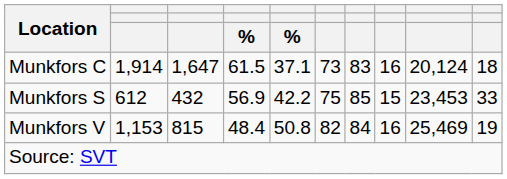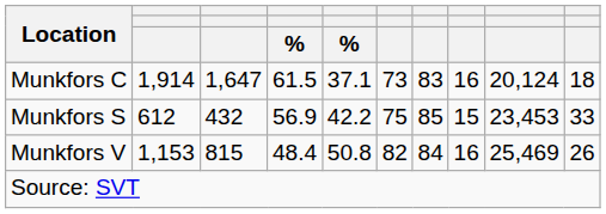 <table role="presentation" class="wikitable sortable mw-collapsible">
 <tr>
 <th rowspan="3">Location</th>
 <th></th>
 <th></th>
 <th></th>
 <th></th>
 <th></th>
 <th></th>
 <th></th>
 <th></th>
 <th></th>
 </tr>
 <tr>
 <th></th>
 <th></th>
 <th style="background:"></th>
 <th style="background:"></th>
 <th></th>
 <th></th>
 <th></th>
 <th></th>
 <th></th>
 </tr>
 <tr>
 <th data-sort-type="number"></th>
 <th data-sort-type="number"></th>
 <th data-sort-type="number">%</th>
 <th data-sort-type="number">%</th>
 <th data-sort-type="number"></th>
 <th data-sort-type="number"></th>
 <th data-sort-type="number"></th>
 <th data-sort-type="number"></th>
 <th data-sort-type="number"></th>
 </tr>
 <tr>
 <td align="left">Munkfors C</td>
 <td>1,914</td>
 <td>1,647</td>
 <td>61.5</td>
 <td>37.1</td>
 <td>73</td>
 <td>83</td>
 <td>16</td>
 <td>20,124</td>
 <td>18</td>
 </tr>
 <tr>
 <td align="left">Munkfors S</td>
 <td>612</td>
 <td>432</td>
 <td>56.9</td>
 <td>42.2</td>
 <td>75</td>
 <td>85</td>
 <td>15</td>
 <td>23,453</td>
 <td>33</td>
 </tr>
 <tr>
 <td align="left">Munkfors V</td>
 <td>1,153</td>
 <td>815</td>
 <td>48.4</td>
 <td>50.8</td>
 <td>82</td>
 <td>84</td>
 <td>16</td>
 <td>25,469</td>
-<td>19</td>
+<td>26</td>
 </tr>
 <tr>
 <td colspan="10" align="left">Source: <a href='#'>SVT</a></td>
 </tr>
 </table>
